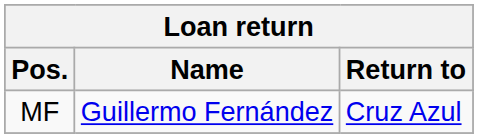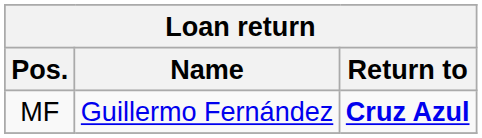 <table class="wikitable" style="font-size:95%;">
 <tr>
 <th colspan="5">Loan return</th>
 </tr>
 <tr>
 <th>Pos.</th>
 <th>Name</th>
 <th>Return to</th>
 </tr>
 <tr>
 <td align="center">MF</td>
 <td> <a href='#'>Guillermo Fernández</a></td>
-<td> <a href='#'>Cruz Azul</a></td>
+<td><strong> <a href='#'>Cruz Azul</a></strong></td>
 </tr>
 </table>
